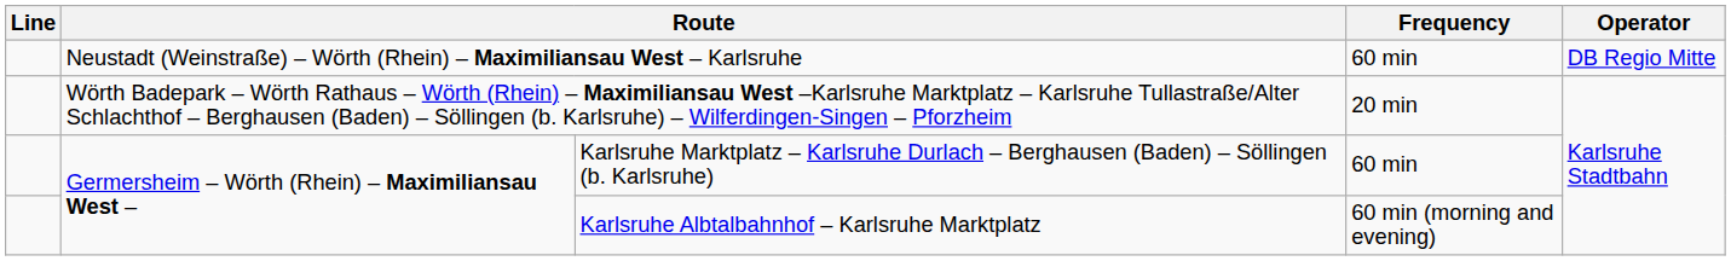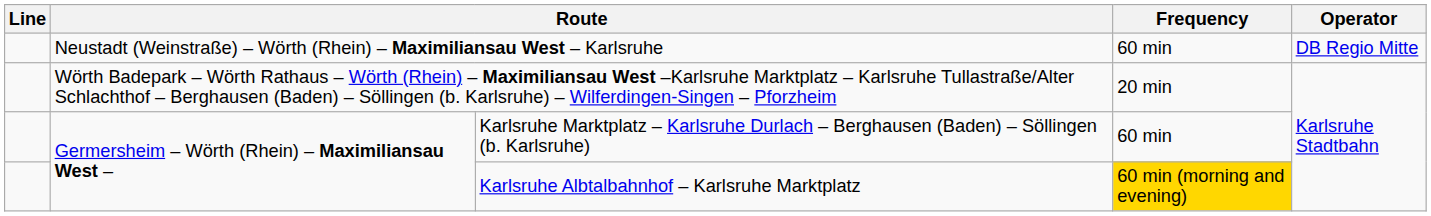 <table class="wikitable">
 <tr>
 <th>Line</th>
 <th colspan="2">Route</th>
 <th>Frequency</th>
 <th>Operator</th>
 </tr>
 <tr>
 <td align="center"><strong></strong></td>
 <td colspan="2">Neustadt (Weinstraße) – Wörth (Rhein) – <strong>Maximiliansau West</strong> – Karlsruhe</td>
 <td>60 min</td>
 <td><a href='#'>DB Regio Mitte</a></td>
 </tr>
 <tr>
 <td align="center"><strong></strong></td>
 <td colspan="2">Wörth Badepark – Wörth Rathaus – <a href='#'>Wörth (Rhein)</a> – <strong>Maximiliansau West</strong> –Karlsruhe Marktplatz – Karlsruhe Tullastraße/Alter Schlachthof – Berghausen (Baden) – Söllingen (b. Karlsruhe) – <a href='#'>Wilferdingen-Singen</a> – <a href='#'>Pforzheim</a></td>
 <td>20 min</td>
 <td rowspan="3"><a href='#'>Karlsruhe Stadtbahn</a></td>
 </tr>
 <tr>
 <td align="center"><strong></strong></td>
 <td rowspan="2"><a href='#'>Germersheim</a> – Wörth (Rhein) – <strong>Maximiliansau West</strong> –</td>
 <td>Karlsruhe Marktplatz – <a href='#'>Karlsruhe Durlach</a> – Berghausen (Baden) – Söllingen (b. Karlsruhe)</td>
 <td>60 min</td>
 </tr>
 <tr>
 <td align="center"><strong></strong></td>
 <td><a href='#'>Karlsruhe Albtalbahnhof</a> – Karlsruhe Marktplatz</td>
-<td>60 min (morning and evening)</td>
+<td style="background: gold;">60 min (morning and evening)</td>
 </tr>
 </table>
